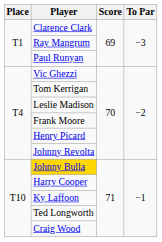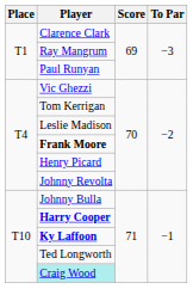 <table class=wikitable>
 <tr>
 <th>Place</th>
 <th>Player</th>
 <th>Score</th>
 <th>To Par</th>
 </tr>
 <tr>
 <td rowspan=3 align=center>T1</td>
 <td> <a href='#'>Clarence Clark</a></td>
 <td rowspan=3 align=center>69</td>
 <td rowspan=3 align=center>−3</td>
 </tr>
 <tr>
 <td> <a href='#'>Ray Mangrum</a></td>
 </tr>
 <tr>
 <td> <a href='#'>Paul Runyan</a></td>
 </tr>
 <tr>
 <td rowspan=6 align=center>T4</td>
 <td> <a href='#'>Vic Ghezzi</a></td>
 <td rowspan=6 align=center>70</td>
 <td rowspan=6 align=center>−2</td>
 </tr>
 <tr>
 <td> Tom Kerrigan</td>
 </tr>
 <tr>
 <td> Leslie Madison</td>
 </tr>
 <tr>
-<td> Frank Moore</td>
+<td><strong> Frank Moore</strong></td>
 </tr>
 <tr>
 <td> <a href='#'>Henry Picard</a></td>
 </tr>
 <tr>
 <td> <a href='#'>Johnny Revolta</a></td>
 </tr>
 <tr>
 <td rowspan=9 align=center>T10</td>
-<td style="background: gold;"> <a href='#'>Johnny Bulla</a></td>
+<td> <a href='#'>Johnny Bulla</a></td>
 <td rowspan=9 align=center>71</td>
 <td rowspan=9 align=center>−1</td>
 </tr>
 <tr>
-<td> <a href='#'>Harry Cooper</a></td>
+<td><strong> <a href='#'>Harry Cooper</a></strong></td>
 </tr>
 <tr>
-<td> <a href='#'>Ky Laffoon</a></td>
+<td><strong> <a href='#'>Ky Laffoon</a></strong></td>
 </tr>
 <tr>
 <td> Ted Longworth</td>
 </tr>
 <tr>
-<td> <a href='#'>Craig Wood</a></td>
+<td style="background: paleturquoise;"> <a href='#'>Craig Wood</a></td>
 </tr>
 </table>
